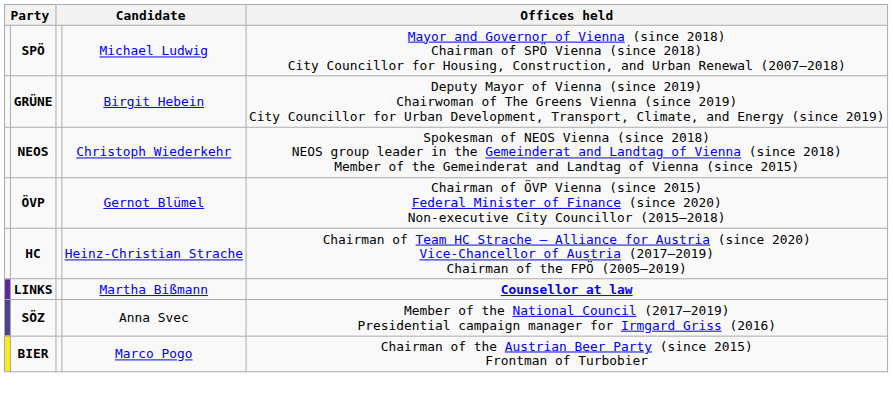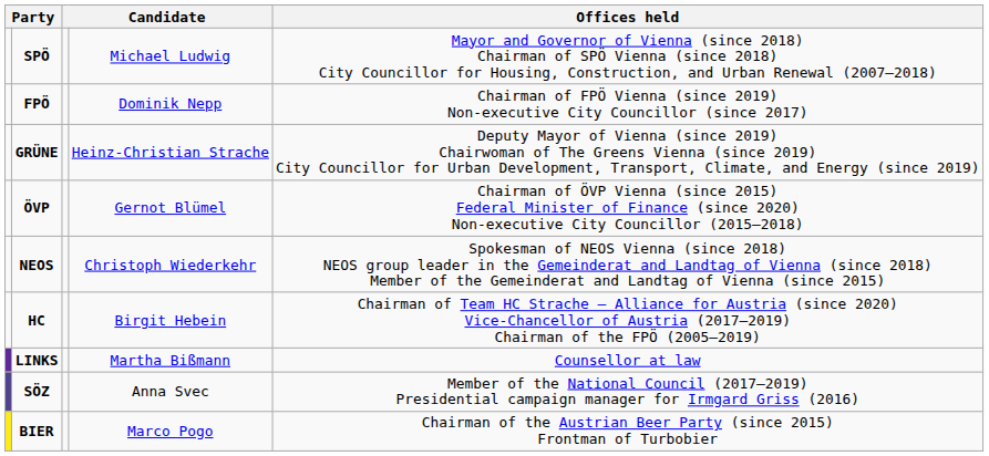 <table class="wikitable" style="text-align:center">
 <tr>
 <th colspan=2>Party</th>
 <th colspan=2>Candidate</th>
 <th>Offices held</th>
 </tr>
 <tr>
 <td style="background:"></td>
 <td><strong>SPÖ</strong></td>
 <td></td>
 <td><a href='#'>Michael Ludwig</a></td>
 <td><a href='#'>Mayor and Governor of Vienna</a> (since 2018)<br>Chairman of SPÖ Vienna (since 2018)<br>City Councillor for Housing, Construction, and Urban Renewal (2007–2018)</td>
 </tr>
 <tr>
 <td style="background:"></td>
+<td><strong>FPÖ</strong></td>
+<td></td>
+<td><a href='#'>Dominik Nepp</a></td>
+<td>Chairman of FPÖ Vienna (since 2019)<br>Non-executive City Councillor (since 2017)</td>
+</tr>
+<tr>
+<td style="background:"></td>
 <td><strong>GRÜNE</strong></td>
 <td></td>
-<td><a href='#'>Birgit Hebein</a></td>
+<td><a href='#'>Heinz-Christian Strache</a></td>
 <td>Deputy Mayor of Vienna (since 2019)<br>Chairwoman of The Greens Vienna (since 2019)<br>City Councillor for Urban Development, Transport, Climate, and Energy (since 2019)</td>
+</tr>
+<tr>
+<td style="background:"></td>
+<td><strong>ÖVP</strong></td>
+<td></td>
+<td><a href='#'>Gernot Blümel</a></td>
+<td>Chairman of ÖVP Vienna (since 2015)<br><a href='#'>Federal Minister of Finance</a> (since 2020)<br>Non-executive City Councillor (2015–2018)</td>
 </tr>
 <tr>
 <td style="background:"></td>
 <td><strong>NEOS</strong></td>
 <td></td>
 <td><a href='#'>Christoph Wiederkehr</a></td>
 <td>Spokesman of NEOS Vienna (since 2018)<br>NEOS group leader in the <a href='#'>Gemeinderat and Landtag of Vienna</a> (since 2018)<br>Member of the Gemeinderat and Landtag of Vienna (since 2015)</td>
 </tr>
 <tr>
 <td style="background:"></td>
-<td><strong>ÖVP</strong></td>
-<td></td>
-<td><a href='#'>Gernot Blümel</a></td>
-<td>Chairman of ÖVP Vienna (since 2015)<br><a href='#'>Federal Minister of Finance</a> (since 2020)<br>Non-executive City Councillor (2015–2018)</td>
-</tr>
-<tr>
-<td style="background:"></td>
 <td><strong>HC</strong></td>
 <td></td>
-<td><a href='#'>Heinz-Christian Strache</a></td>
+<td><a href='#'>Birgit Hebein</a></td>
 <td>Chairman of <a href='#'>Team HC Strache – Alliance for Austria</a> (since 2020)<br><a href='#'>Vice-Chancellor of Austria</a> (2017–2019)<br>Chairman of the FPÖ (2005–2019)</td>
 </tr>
 <tr>
 <td style="background:#5D2898;"></td>
 <td><strong>LINKS</strong></td>
 <td></td>
 <td><a href='#'>Martha Bißmann</a></td>
-<td><strong><a href='#'>Counsellor at law</a></strong></td>
+<td><a href='#'>Counsellor at law</a></td>
 </tr>
 <tr>
 <td style="background:#50428F;"></td>
 <td><strong>SÖZ</strong></td>
 <td></td>
 <td>Anna Svec</td>
 <td>Member of the <a href='#'>National Council</a> (2017–2019)<br>Presidential campaign manager for <a href='#'>Irmgard Griss</a> (2016)</td>
 </tr>
 <tr>
 <td style="background:#FCEA1A;"></td>
 <td><strong>BIER</strong></td>
 <td></td>
 <td><a href='#'>Marco Pogo</a></td>
 <td>Chairman of the <a href='#'>Austrian Beer Party</a> (since 2015)<br>Frontman of Turbobier</td>
 </tr>
 </table>
